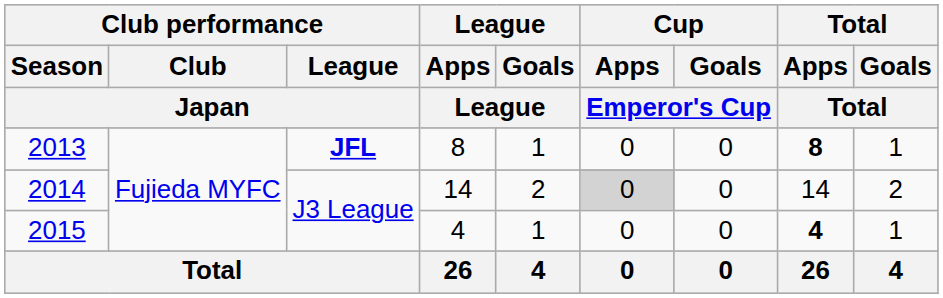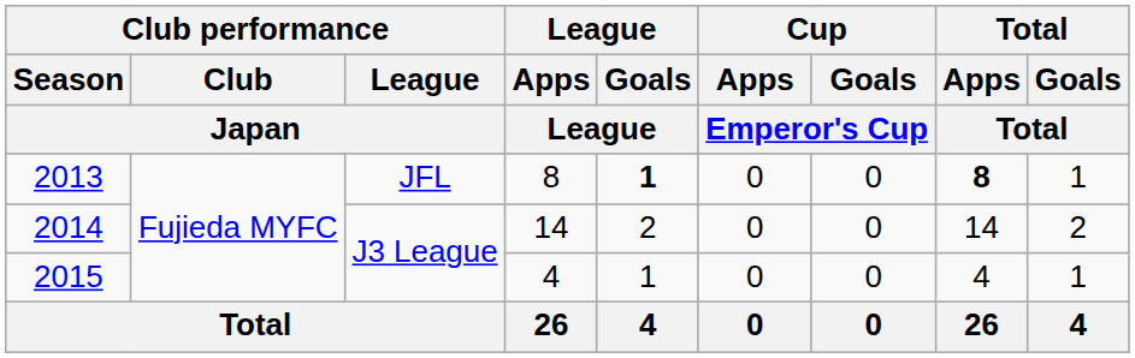 <table class="wikitable" style="text-align:center;">
 <tr>
 <th colspan=3>Club performance</th>
 <th colspan=2>League</th>
 <th colspan=2>Cup</th>
 <th colspan=2>Total</th>
 </tr>
 <tr>
 <th>Season</th>
 <th>Club</th>
 <th>League</th>
 <th>Apps</th>
 <th>Goals</th>
 <th>Apps</th>
 <th>Goals</th>
 <th>Apps</th>
 <th>Goals</th>
 </tr>
 <tr>
 <th colspan=3>Japan</th>
 <th colspan=2>League</th>
 <th colspan=2><a href='#'>Emperor's Cup</a></th>
 <th colspan=2>Total</th>
 </tr>
 <tr>
 <td><a href='#'>2013</a></td>
 <td rowspan="3"><a href='#'>Fujieda MYFC</a></td>
-<td><strong><a href='#'>JFL</a></strong></td>
+<td><a href='#'>JFL</a></td>
 <td>8</td>
-<td>1</td>
+<td><strong>1</strong></td>
 <td>0</td>
 <td>0</td>
 <td><strong>8</strong></td>
 <td>1</td>
 </tr>
 <tr>
 <td><a href='#'>2014</a></td>
 <td rowspan="2"><a href='#'>J3 League</a></td>
 <td>14</td>
 <td>2</td>
-<td style="background: lightgrey;">0</td>
+<td>0</td>
 <td>0</td>
 <td>14</td>
 <td>2</td>
 </tr>
 <tr>
 <td><a href='#'>2015</a></td>
 <td>4</td>
 <td>1</td>
 <td>0</td>
 <td>0</td>
-<td><strong>4</strong></td>
+<td>4</td>
 <td>1</td>
 </tr>
 <tr>
 <th colspan=3>Total</th>
 <th>26</th>
 <th>4</th>
 <th>0</th>
 <th>0</th>
 <th>26</th>
 <th>4</th>
 </tr>
 </table>
